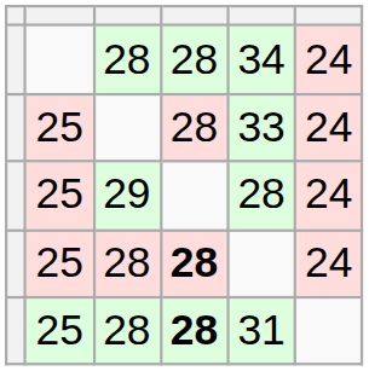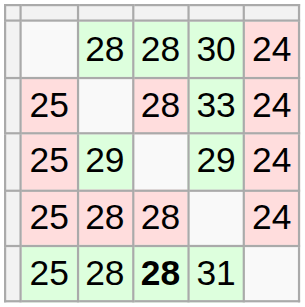 <table class="wikitable" style="text-align:center">
 <tr>
 <th></th>
 <th></th>
 <th></th>
 <th></th>
 <th></th>
 <th></th>
 </tr>
 <tr>
 <th></th>
 <td></td>
 <td style="background:#dfd;">28</td>
 <td style="background:#dfd;">28</td>
-<td style="background:#dfd;">34</td>
+<td style="background:#dfd;">30</td>
 <td style="background:#fdd;">24</td>
 </tr>
 <tr>
 <th></th>
 <td style="background:#fdd;">25</td>
 <td></td>
 <td style="background:#fdd;">28</td>
 <td style="background:#dfd;">33</td>
 <td style="background:#fdd;">24</td>
 </tr>
 <tr>
 <th></th>
 <td style="background:#fdd;">25</td>
 <td style="background:#dfd;">29</td>
 <td></td>
-<td style="background:#dfd;">28</td>
+<td style="background:#dfd;">29</td>
 <td style="background:#fdd;">24</td>
 </tr>
 <tr>
 <th></th>
 <td style="background:#fdd;">25</td>
 <td style="background:#fdd;">28</td>
-<td style="background:#fdd;"><strong>28</strong></td>
+<td style="background:#fdd;">28</td>
 <td></td>
 <td style="background:#fdd;">24</td>
 </tr>
 <tr>
 <th></th>
 <td style="background:#dfd;">25</td>
 <td style="background:#dfd;">28</td>
 <td style="background:#dfd;"><strong>28</strong></td>
 <td style="background:#dfd;">31</td>
 <td></td>
 </tr>
 </table>
